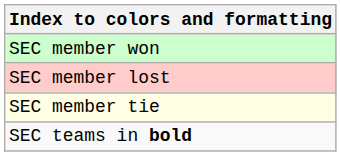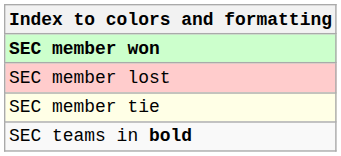 <table class="wikitable">
 <tr>
 <th>Index to colors and formatting</th>
 </tr>
 <tr bgcolor=#ccffcc>
-<td>SEC member won</td>
+<td><strong>SEC member won</strong></td>
 </tr>
 <tr bgcolor=#ffcccc>
 <td>SEC member lost</td>
 </tr>
 <tr bgcolor=#ffffe6>
 <td>SEC member tie</td>
 </tr>
 <tr>
 <td>SEC teams in <strong>bold</strong></td>
 </tr>
 </table>
